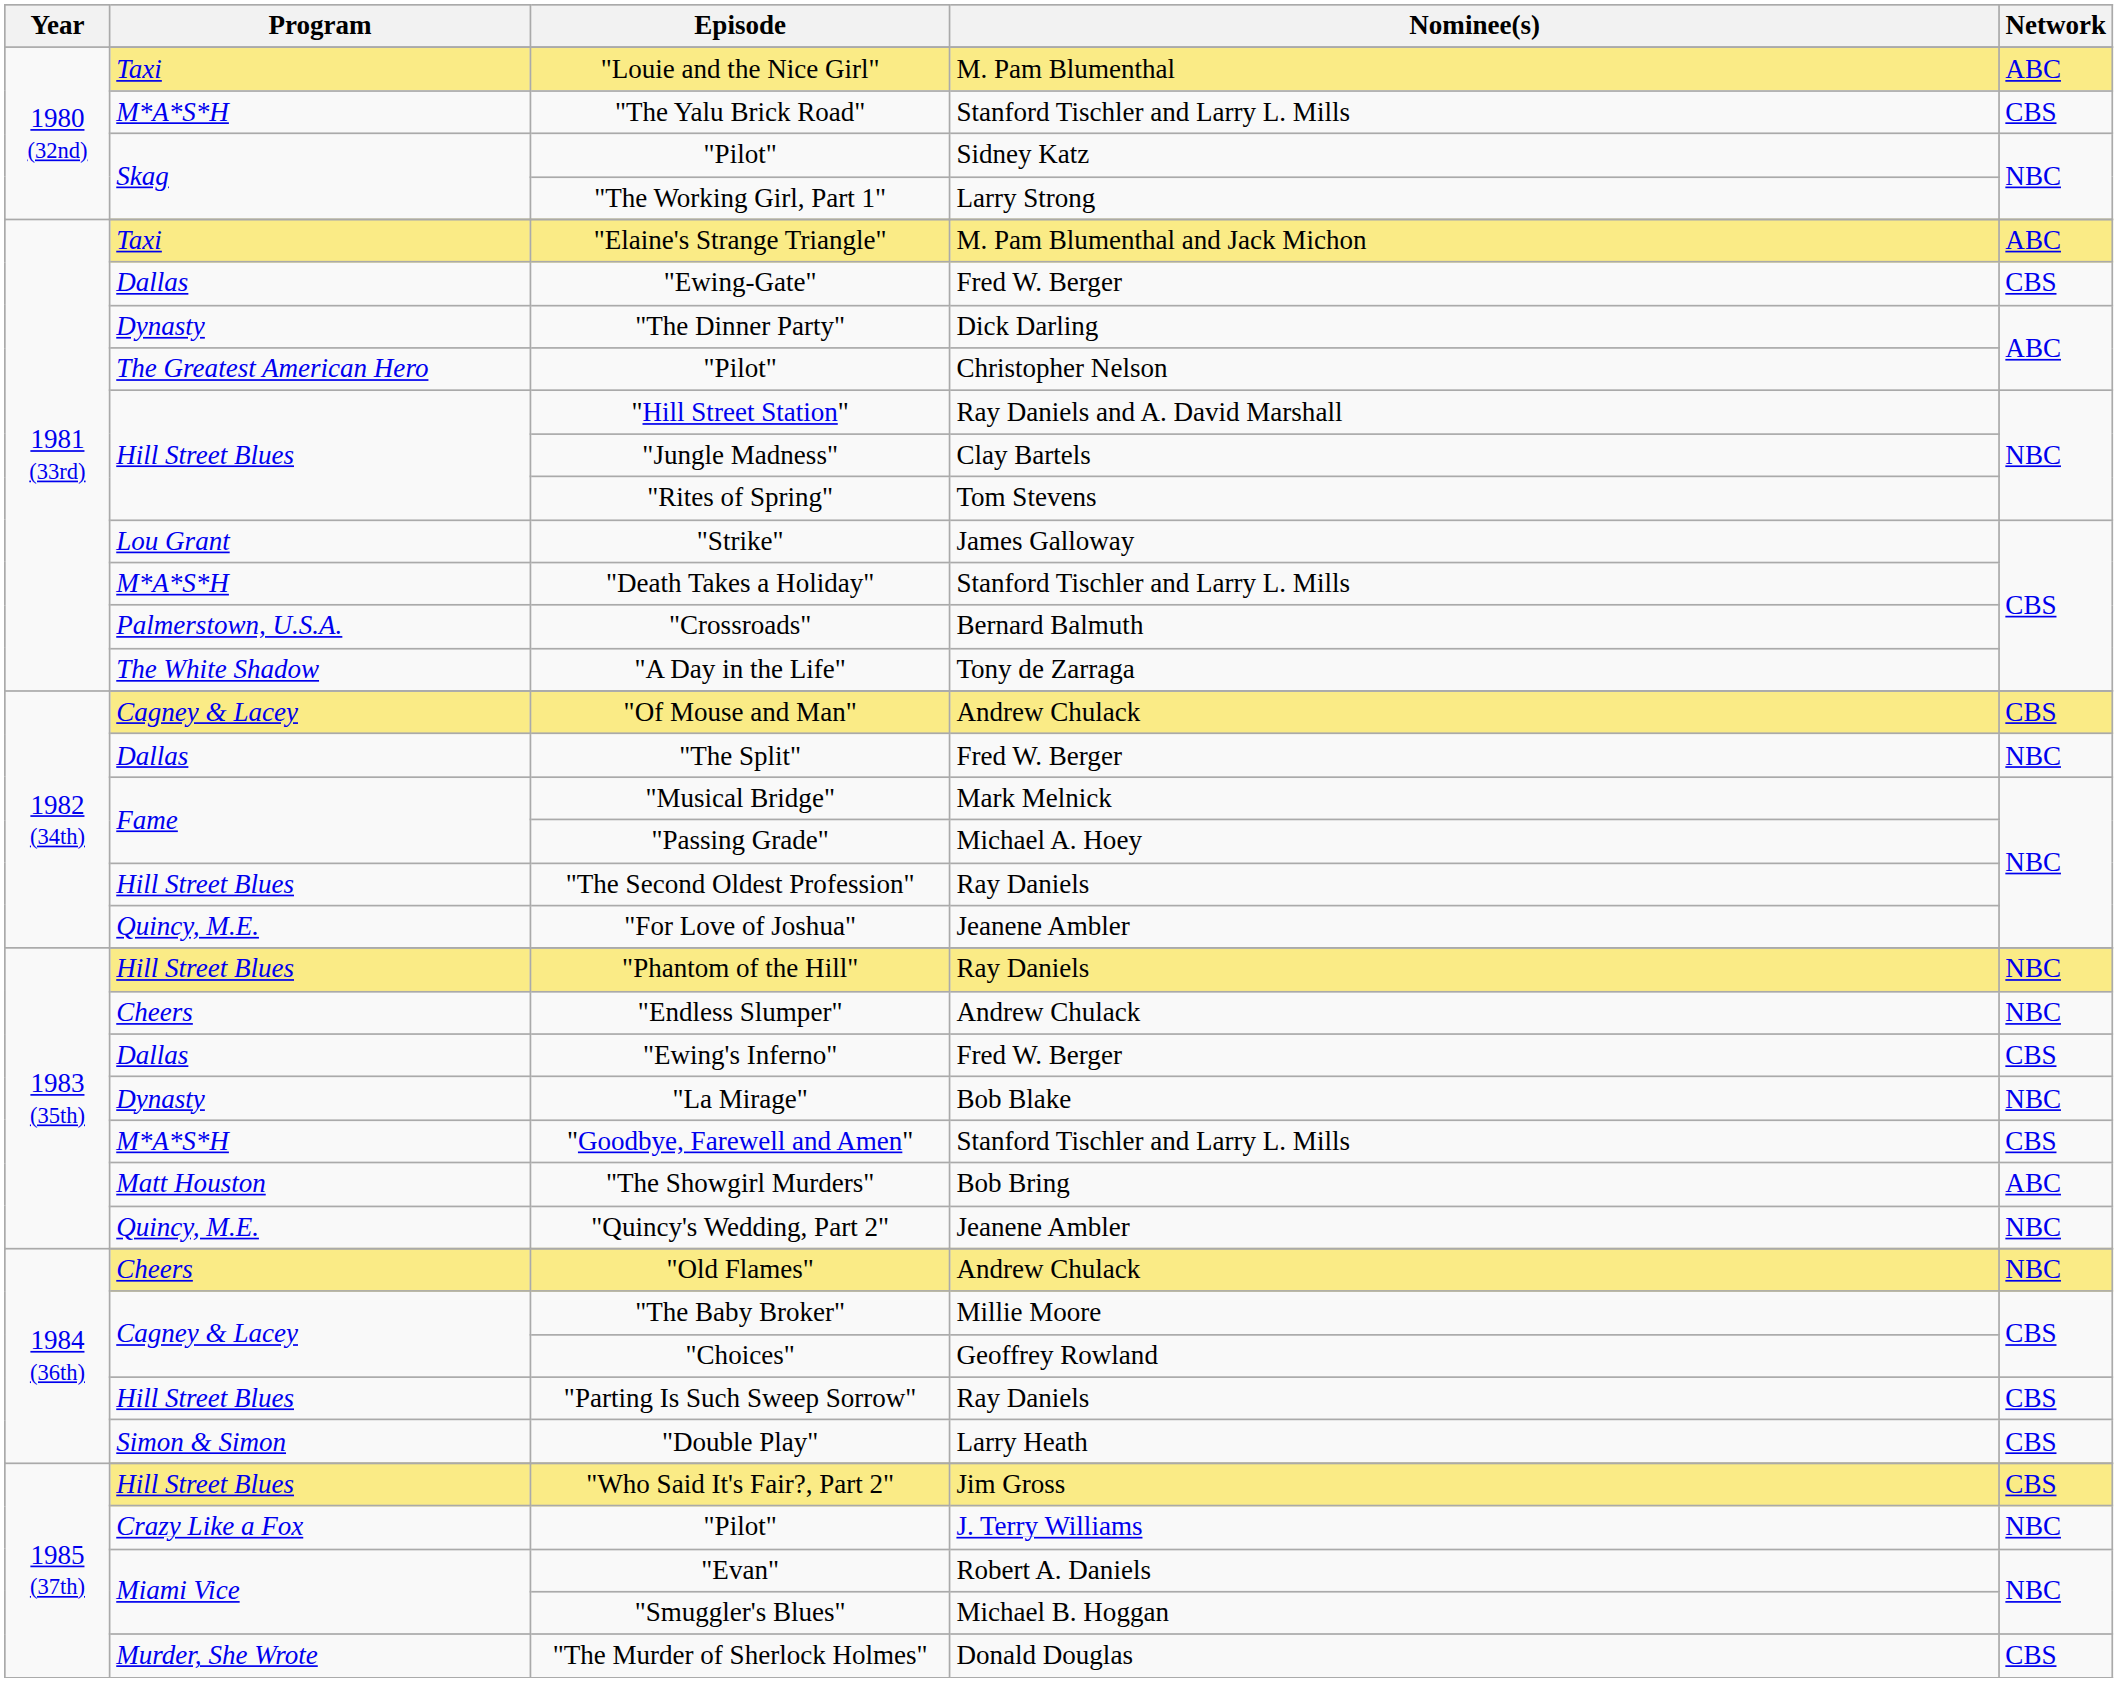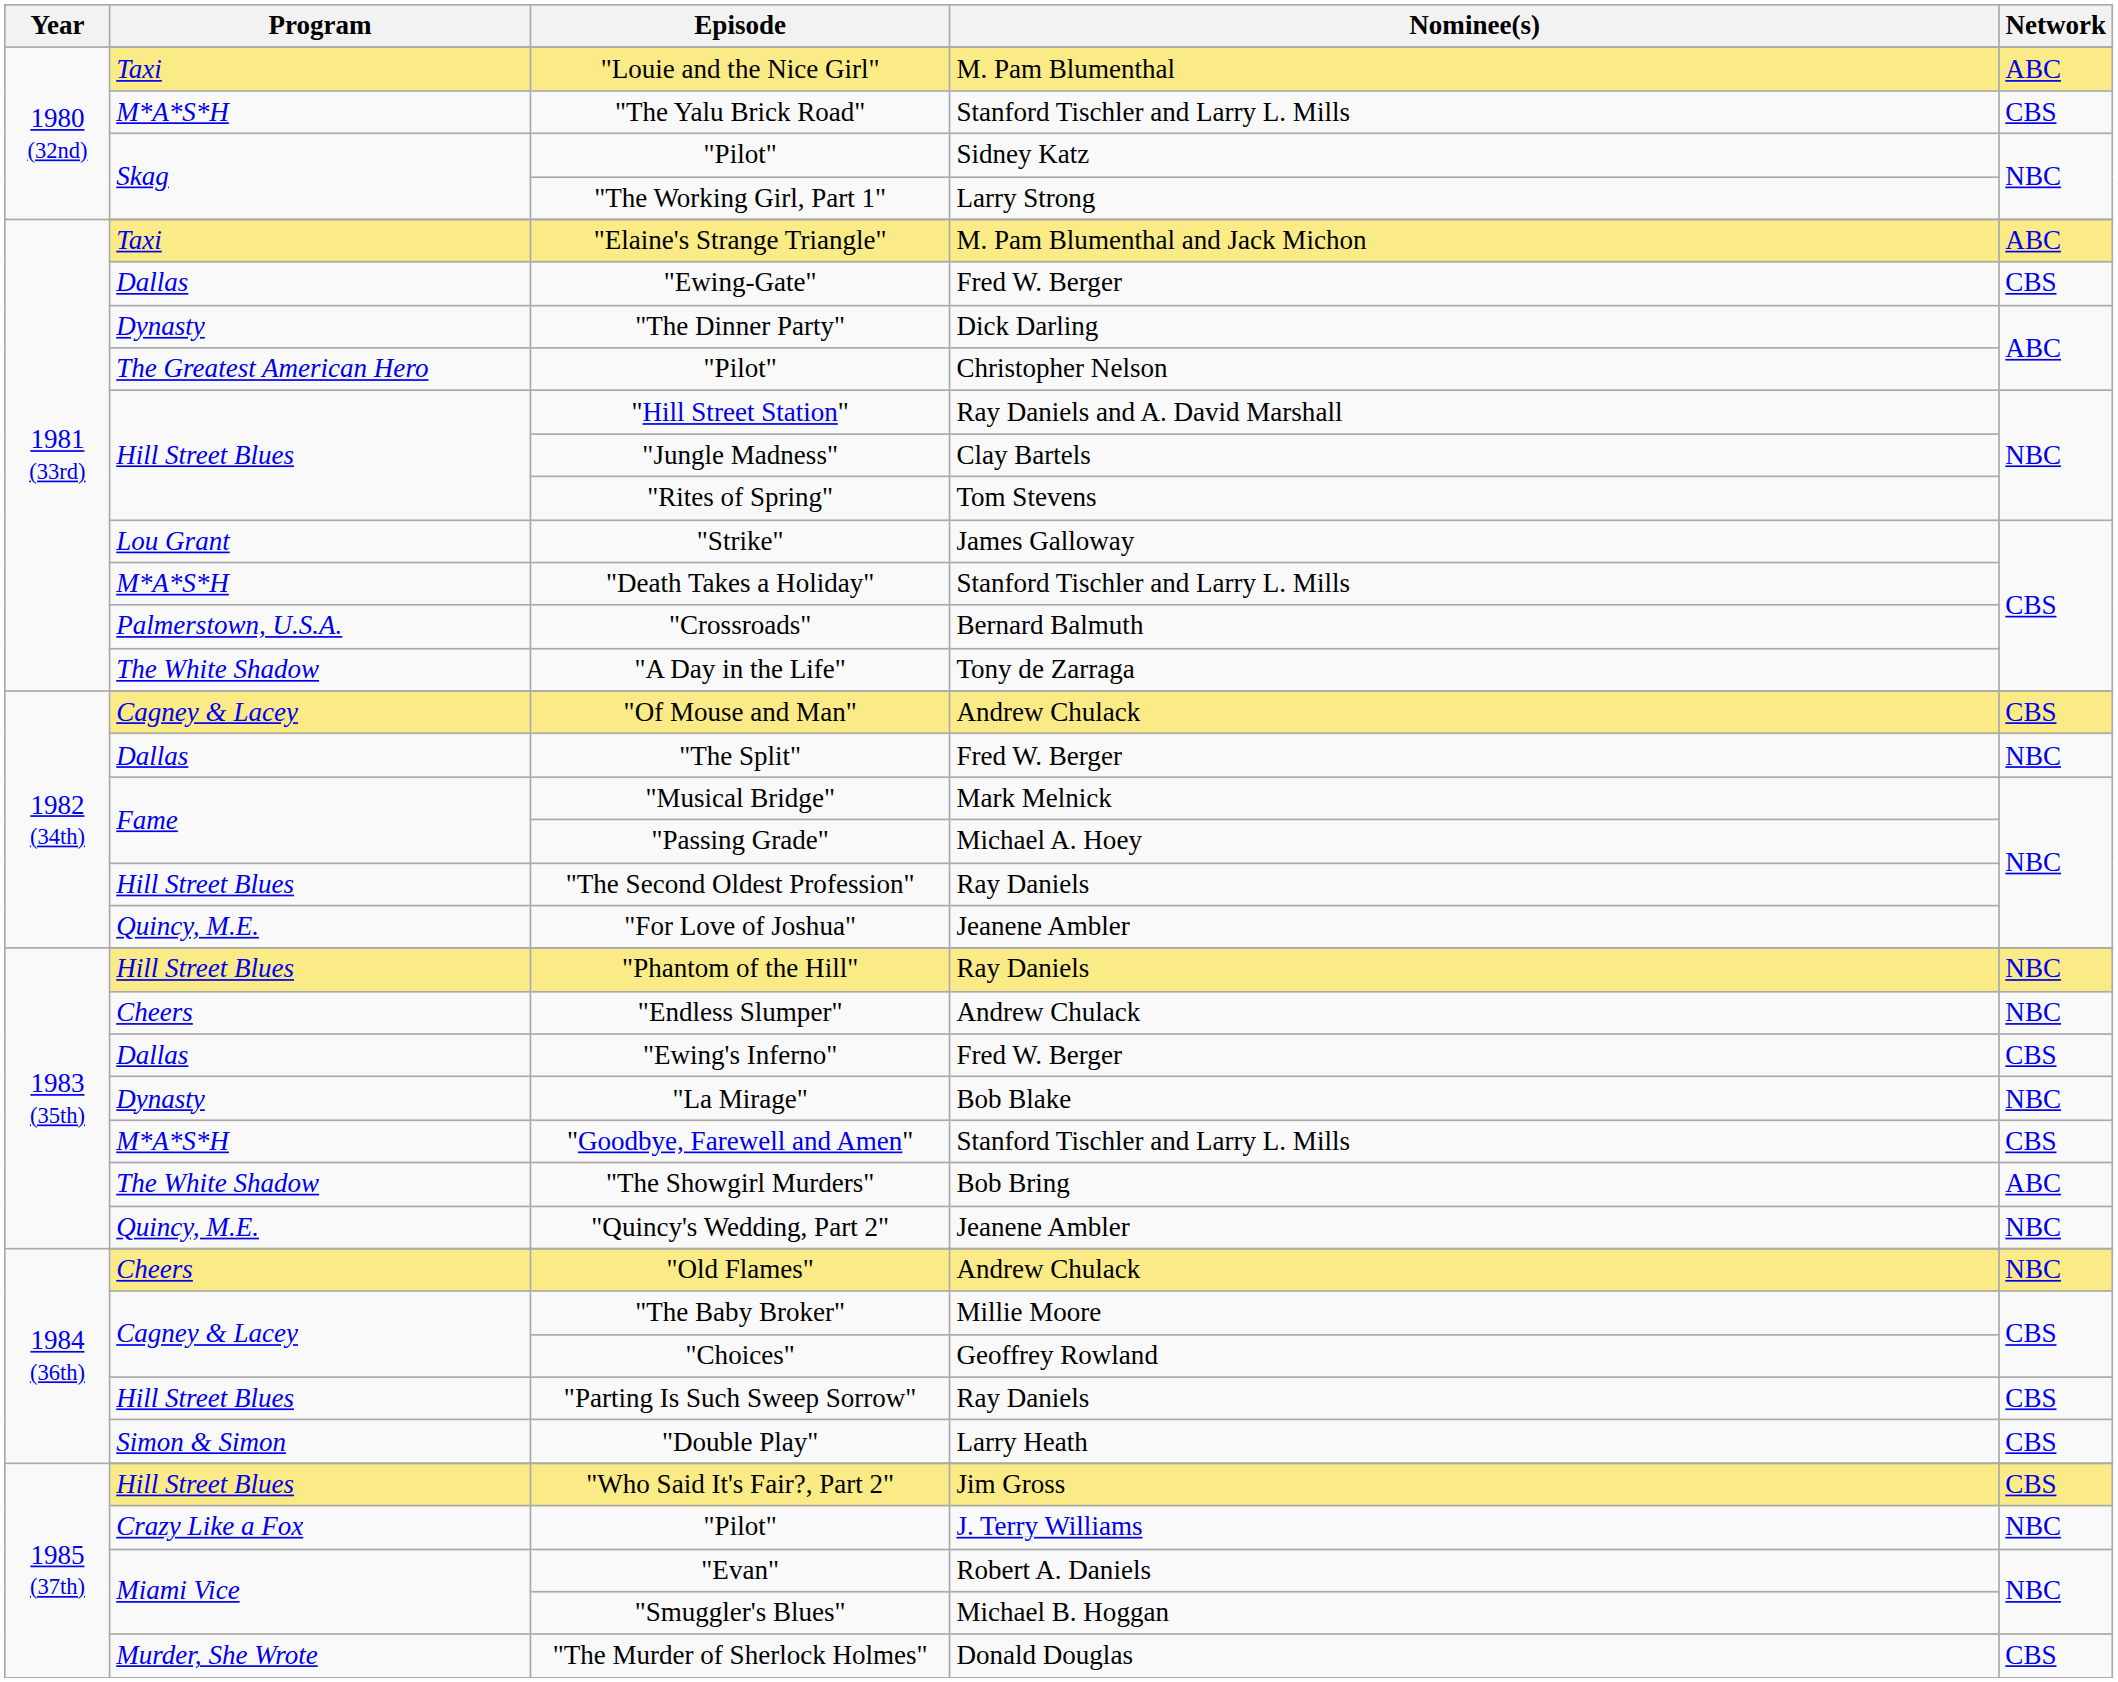 <table class="wikitable">
 <tr>
 <th width="5%">Year</th>
 <th width="20%">Program</th>
 <th width="20%">Episode</th>
 <th width="50%">Nominee(s)</th>
 <th width="5%">Network</th>
 </tr>
 <tr>
 <td rowspan=5 style="text-align:center;"><a href='#'>1980</a><br><small><a href='#'>(32nd)</a></small><br></td>
 </tr>
 <tr style="background:#FAEB86;">
 <td><em><a href='#'>Taxi</a></em></td>
 <td align=center>"Louie and the Nice Girl"</td>
 <td>M. Pam Blumenthal</td>
 <td><a href='#'>ABC</a></td>
 </tr>
 <tr>
 <td><em><a href='#'>M*A*S*H</a></em></td>
 <td align=center>"The Yalu Brick Road"</td>
 <td>Stanford Tischler and Larry L. Mills</td>
 <td><a href='#'>CBS</a></td>
 </tr>
 <tr>
 <td rowspan=2><em><a href='#'>Skag</a></em></td>
 <td align=center>"Pilot"</td>
 <td>Sidney Katz</td>
 <td rowspan=2><a href='#'>NBC</a></td>
 </tr>
 <tr>
 <td align=center>"The Working Girl, Part 1"</td>
 <td>Larry Strong</td>
 </tr>
 <tr>
 <td rowspan=12 style="text-align:center;"><a href='#'>1981</a><br><small><a href='#'>(33rd)</a></small><br></td>
 </tr>
 <tr style="background:#FAEB86;">
 <td><em><a href='#'>Taxi</a></em></td>
 <td align=center>"Elaine's Strange Triangle"</td>
 <td>M. Pam Blumenthal and Jack Michon</td>
 <td><a href='#'>ABC</a></td>
 </tr>
 <tr>
 <td><em><a href='#'>Dallas</a></em></td>
 <td align=center>"Ewing-Gate"</td>
 <td>Fred W. Berger</td>
 <td><a href='#'>CBS</a></td>
 </tr>
 <tr>
 <td><em><a href='#'>Dynasty</a></em></td>
 <td align=center>"The Dinner Party"</td>
 <td>Dick Darling</td>
 <td rowspan=2><a href='#'>ABC</a></td>
 </tr>
 <tr>
 <td><em><a href='#'>The Greatest American Hero</a></em></td>
 <td align=center>"Pilot"</td>
 <td>Christopher Nelson</td>
 </tr>
 <tr>
 <td rowspan=3><em><a href='#'>Hill Street Blues</a></em></td>
 <td align=center>"<a href='#'>Hill Street Station</a>"</td>
 <td>Ray Daniels and A. David Marshall</td>
 <td rowspan=3><a href='#'>NBC</a></td>
 </tr>
 <tr>
 <td align=center>"Jungle Madness"</td>
 <td>Clay Bartels</td>
 </tr>
 <tr>
 <td align=center>"Rites of Spring"</td>
 <td>Tom Stevens</td>
 </tr>
 <tr>
 <td><em><a href='#'>Lou Grant</a></em></td>
 <td align=center>"Strike"</td>
 <td>James Galloway</td>
 <td rowspan=4><a href='#'>CBS</a></td>
 </tr>
 <tr>
 <td><em><a href='#'>M*A*S*H</a></em></td>
 <td align=center>"Death Takes a Holiday"</td>
 <td>Stanford Tischler and Larry L. Mills</td>
 </tr>
 <tr>
 <td><em><a href='#'>Palmerstown, U.S.A.</a></em></td>
 <td align=center>"Crossroads"</td>
 <td>Bernard Balmuth</td>
 </tr>
 <tr>
 <td><em><a href='#'>The White Shadow</a></em></td>
 <td align=center>"A Day in the Life"</td>
 <td>Tony de Zarraga</td>
 </tr>
 <tr>
 <td rowspan=7 style="text-align:center;"><a href='#'>1982</a><br><small><a href='#'>(34th)</a></small><br></td>
 </tr>
 <tr style="background:#FAEB86;">
 <td><em><a href='#'>Cagney & Lacey</a></em></td>
 <td align=center>"Of Mouse and Man"</td>
 <td>Andrew Chulack</td>
 <td><a href='#'>CBS</a></td>
 </tr>
 <tr>
 <td><em><a href='#'>Dallas</a></em></td>
 <td align=center>"The Split"</td>
 <td>Fred W. Berger</td>
 <td><a href='#'>NBC</a></td>
 </tr>
 <tr>
 <td rowspan=2><em><a href='#'>Fame</a></em></td>
 <td align=center>"Musical Bridge"</td>
 <td>Mark Melnick</td>
 <td rowspan=4><a href='#'>NBC</a></td>
 </tr>
 <tr>
 <td align=center>"Passing Grade"</td>
 <td>Michael A. Hoey</td>
 </tr>
 <tr>
 <td><em><a href='#'>Hill Street Blues</a></em></td>
 <td align=center>"The Second Oldest Profession"</td>
 <td>Ray Daniels</td>
 </tr>
 <tr>
 <td><em><a href='#'>Quincy, M.E.</a></em></td>
 <td align=center>"For Love of Joshua"</td>
 <td>Jeanene Ambler</td>
 </tr>
 <tr>
 <td rowspan=8 style="text-align:center;"><a href='#'>1983</a><br><small><a href='#'>(35th)</a></small><br></td>
 </tr>
 <tr style="background:#FAEB86;">
 <td><em><a href='#'>Hill Street Blues</a></em></td>
 <td align=center>"Phantom of the Hill"</td>
 <td>Ray Daniels</td>
 <td><a href='#'>NBC</a></td>
 </tr>
 <tr>
 <td><em><a href='#'>Cheers</a></em></td>
 <td align=center>"Endless Slumper"</td>
 <td>Andrew Chulack</td>
 <td><a href='#'>NBC</a></td>
 </tr>
 <tr>
 <td><em><a href='#'>Dallas</a></em></td>
 <td align=center>"Ewing's Inferno"</td>
 <td>Fred W. Berger</td>
 <td><a href='#'>CBS</a></td>
 </tr>
 <tr>
 <td><em><a href='#'>Dynasty</a></em></td>
 <td align=center>"La Mirage"</td>
 <td>Bob Blake</td>
 <td><a href='#'>NBC</a></td>
 </tr>
 <tr>
 <td><em><a href='#'>M*A*S*H</a></em></td>
 <td align=center>"<a href='#'>Goodbye, Farewell and Amen</a>"</td>
 <td>Stanford Tischler and Larry L. Mills</td>
 <td><a href='#'>CBS</a></td>
 </tr>
 <tr>
-<td><em><a href='#'>Matt Houston</a></em></td>
+<td><em><a href='#'>The White Shadow</a></em></td>
 <td align=center>"The Showgirl Murders"</td>
 <td>Bob Bring</td>
 <td><a href='#'>ABC</a></td>
 </tr>
 <tr>
 <td><em><a href='#'>Quincy, M.E.</a></em></td>
 <td align=center>"Quincy's Wedding, Part 2"</td>
 <td>Jeanene Ambler</td>
 <td><a href='#'>NBC</a></td>
 </tr>
 <tr>
 <td rowspan=6 style="text-align:center;"><a href='#'>1984</a><br><small><a href='#'>(36th)</a></small><br></td>
 </tr>
 <tr style="background:#FAEB86;">
 <td><em><a href='#'>Cheers</a></em></td>
 <td align=center>"Old Flames"</td>
 <td>Andrew Chulack</td>
 <td><a href='#'>NBC</a></td>
 </tr>
 <tr>
 <td rowspan=2><em><a href='#'>Cagney & Lacey</a></em></td>
 <td align=center>"The Baby Broker"</td>
 <td>Millie Moore</td>
 <td rowspan=2><a href='#'>CBS</a></td>
 </tr>
 <tr>
 <td align=center>"Choices"</td>
 <td>Geoffrey Rowland</td>
 </tr>
 <tr>
 <td><em><a href='#'>Hill Street Blues</a></em></td>
 <td align=center>"Parting Is Such Sweep Sorrow"</td>
 <td>Ray Daniels</td>
 <td><a href='#'>CBS</a></td>
 </tr>
 <tr>
 <td><em><a href='#'>Simon & Simon</a></em></td>
 <td align=center>"Double Play"</td>
 <td>Larry Heath</td>
 <td><a href='#'>CBS</a></td>
 </tr>
 <tr>
 <td rowspan=6 style="text-align:center;"><a href='#'>1985</a><br><small><a href='#'>(37th)</a></small><br></td>
 </tr>
 <tr style="background:#FAEB86;">
 <td><em><a href='#'>Hill Street Blues</a></em></td>
 <td align=center>"Who Said It's Fair?, Part 2"</td>
 <td>Jim Gross</td>
 <td><a href='#'>CBS</a></td>
 </tr>
 <tr>
 <td><em><a href='#'>Crazy Like a Fox</a></em></td>
 <td align=center>"Pilot"</td>
 <td><a href='#'>J. Terry Williams</a></td>
 <td><a href='#'>NBC</a></td>
 </tr>
 <tr>
 <td rowspan=2><em><a href='#'>Miami Vice</a></em></td>
 <td align=center>"Evan"</td>
 <td>Robert A. Daniels</td>
 <td rowspan=2><a href='#'>NBC</a></td>
 </tr>
 <tr>
 <td align=center>"Smuggler's Blues"</td>
 <td>Michael B. Hoggan</td>
 </tr>
 <tr>
 <td><em><a href='#'>Murder, She Wrote</a></em></td>
 <td align=center>"The Murder of Sherlock Holmes"</td>
 <td>Donald Douglas</td>
 <td><a href='#'>CBS</a></td>
 </tr>
 <tr>
 </tr>
 </table>
